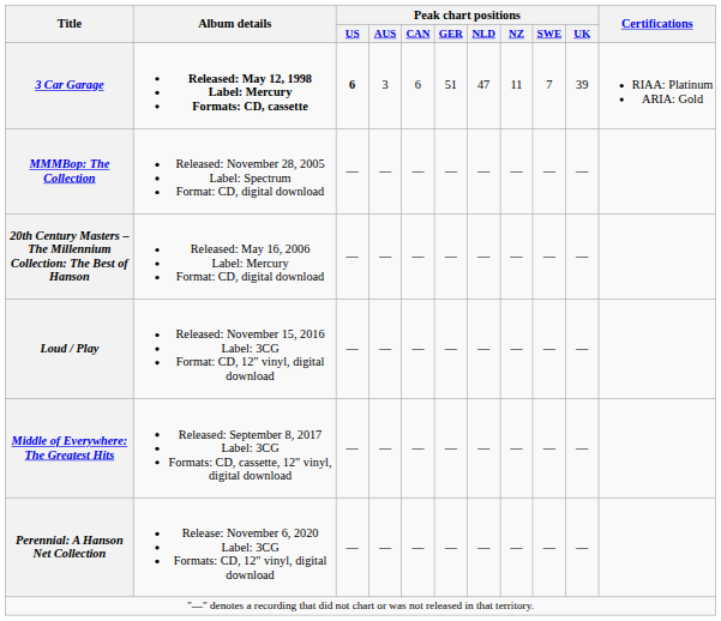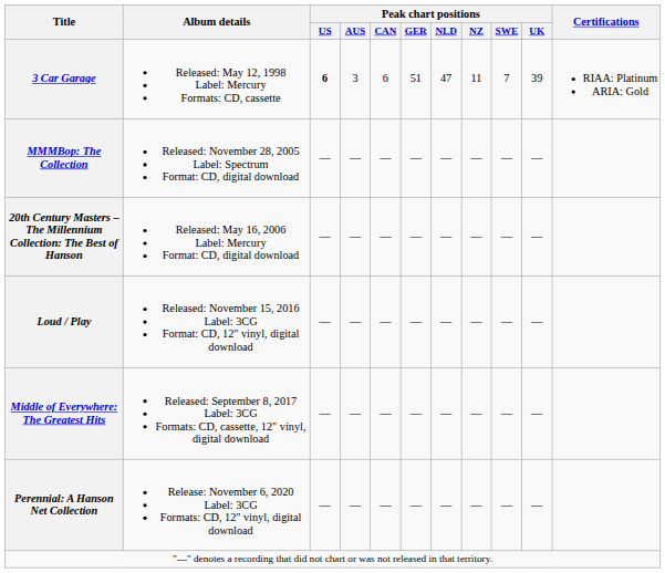 <table class="wikitable plainrowheaders" style="text-align:center;" border="1">
 <tr>
 <th scope="col" rowspan="2" style="width:10em;">Title</th>
 <th scope="col" rowspan="2" style="width:16em;">Album details</th>
 <th scope="col" colspan="8">Peak chart positions</th>
 <th scope="col" rowspan="2"><a href='#'>Certifications</a></th>
 </tr>
 <tr>
 <th scope="col" style="width:2.5em;font-size:90%;"><a href='#'>US</a><br></th>
 <th scope="col" style="width:2.5em;font-size:90%;"><a href='#'>AUS</a><br></th>
 <th scope="col" style="width:2.5em;font-size:90%;"><a href='#'>CAN</a><br></th>
 <th scope="col" style="width:2.5em;font-size:90%;"><a href='#'>GER</a><br></th>
 <th scope="col" style="width:2.5em;font-size:90%;"><a href='#'>NLD</a><br></th>
 <th scope="col" style="width:2.5em;font-size:90%;"><a href='#'>NZ</a><br></th>
 <th scope="col" style="width:2.5em;font-size:90%;"><a href='#'>SWE</a><br></th>
 <th scope="col" style="width:2.5em;font-size:90%;"><a href='#'>UK</a><br></th>
 </tr>
 <tr>
 <th scope="row"><em><a href='#'>3 Car Garage</a></em></th>
-<td><strong><br><ul><li>Released: May 12, 1998</li><li>Label: Mercury</li><li>Formats: CD, cassette</li></ul></strong></td>
+<td><br><ul><li>Released: May 12, 1998</li><li>Label: Mercury</li><li>Formats: CD, cassette</li></ul></td>
 <td><strong>6</strong></td>
 <td>3</td>
 <td>6</td>
 <td>51</td>
 <td>47</td>
 <td>11</td>
 <td>7</td>
 <td>39</td>
 <td><br><ul><li>RIAA: Platinum</li><li>ARIA: Gold</li></ul></td>
 </tr>
 <tr>
 <th scope="row"><em><a href='#'>MMMBop: The Collection</a></em></th>
 <td><br><ul><li>Released: November 28, 2005</li><li>Label: Spectrum</li><li>Format: CD, digital download</li></ul></td>
 <td>—</td>
 <td>—</td>
 <td>—</td>
 <td>—</td>
 <td>—</td>
 <td>—</td>
 <td>—</td>
 <td>—</td>
 <td></td>
 </tr>
 <tr>
 <th scope="row"><em>20th Century Masters – The Millennium Collection: The Best of Hanson</em></th>
 <td><br><ul><li>Released: May 16, 2006</li><li>Label: Mercury</li><li>Format: CD, digital download</li></ul></td>
 <td>—</td>
 <td>—</td>
 <td>—</td>
 <td>—</td>
 <td>—</td>
 <td>—</td>
 <td>—</td>
 <td>—</td>
 <td></td>
 </tr>
 <tr>
 <th scope="row"><em>Loud / Play</em></th>
 <td><br><ul><li>Released: November 15, 2016</li><li>Label: 3CG</li><li>Format: CD, 12" vinyl, digital download</li></ul></td>
 <td>—</td>
 <td>—</td>
 <td>—</td>
 <td>—</td>
 <td>—</td>
 <td>—</td>
 <td>—</td>
 <td>—</td>
 <td></td>
 </tr>
 <tr>
 <th scope="row"><em><a href='#'>Middle of Everywhere: The Greatest Hits</a></em></th>
 <td><br><ul><li>Released: September 8, 2017</li><li>Label: 3CG</li><li>Formats: CD, cassette, 12" vinyl, digital download</li></ul></td>
 <td>—</td>
 <td>—</td>
 <td>—</td>
 <td>—</td>
 <td>—</td>
 <td>—</td>
 <td>—</td>
 <td>—</td>
 <td></td>
 </tr>
 <tr>
 <th scope="row"><em>Perennial: A Hanson Net Collection</em></th>
 <td><br><ul><li>Release: November 6, 2020</li><li>Label: 3CG</li><li>Formats: CD, 12" vinyl, digital download</li></ul></td>
 <td>—</td>
 <td>—</td>
 <td>—</td>
 <td>—</td>
 <td>—</td>
 <td>—</td>
 <td>—</td>
 <td>—</td>
 <td></td>
 </tr>
 <tr>
 <td colspan="13" style="font-size:90%">"—" denotes a recording that did not chart or was not released in that territory.</td>
 </tr>
 </table>
